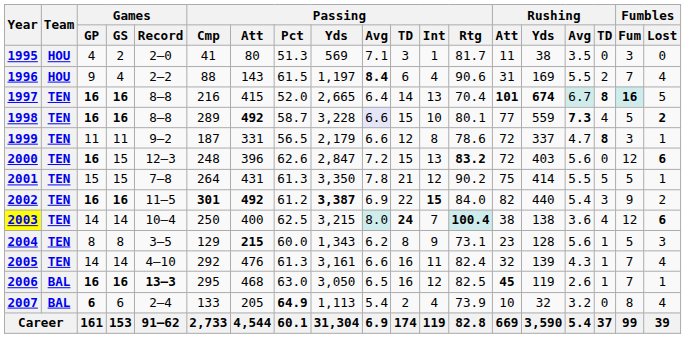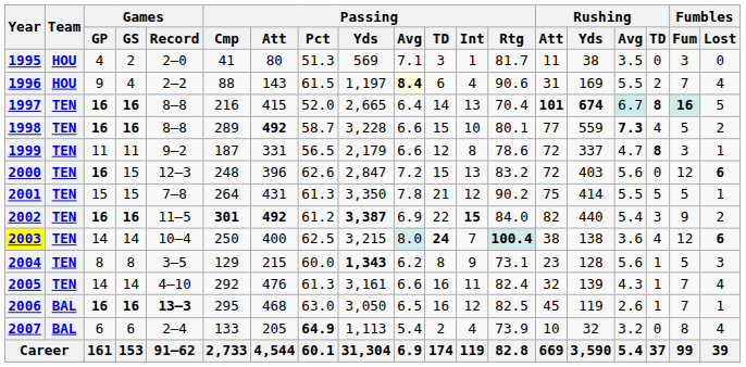 <table class="wikitable" style="text-align:center;">
 <tr>
 <th rowspan="2">Year</th>
 <th rowspan="2">Team</th>
 <th colspan="3">Games</th>
 <th colspan="8">Passing</th>
 <th colspan="4">Rushing</th>
 <th colspan="2">Fumbles</th>
 </tr>
 <tr>
 <th>GP</th>
 <th>GS</th>
 <th>Record</th>
 <th>Cmp</th>
 <th>Att</th>
 <th>Pct</th>
 <th>Yds</th>
 <th>Avg</th>
 <th>TD</th>
 <th>Int</th>
 <th>Rtg</th>
 <th>Att</th>
 <th>Yds</th>
 <th>Avg</th>
 <th>TD</th>
 <th>Fum</th>
 <th>Lost</th>
 </tr>
 <tr>
 <th><a href='#'>1995</a></th>
 <th><a href='#'>HOU</a></th>
 <td>4</td>
 <td>2</td>
 <td>2–0</td>
 <td>41</td>
 <td>80</td>
 <td>51.3</td>
 <td>569</td>
 <td>7.1</td>
 <td>3</td>
 <td>1</td>
 <td>81.7</td>
 <td>11</td>
 <td>38</td>
 <td>3.5</td>
 <td>0</td>
 <td>3</td>
 <td>0</td>
 </tr>
 <tr>
 <th><a href='#'>1996</a></th>
 <th><a href='#'>HOU</a></th>
 <td>9</td>
 <td>4</td>
 <td>2–2</td>
 <td>88</td>
 <td>143</td>
 <td>61.5</td>
 <td>1,197</td>
-<td><strong>8.4</strong></td>
+<td style="background: lightyellow;"><strong>8.4</strong></td>
 <td>6</td>
 <td>4</td>
 <td>90.6</td>
 <td>31</td>
 <td>169</td>
 <td>5.5</td>
 <td>2</td>
 <td>7</td>
 <td>4</td>
 </tr>
 <tr>
 <th><a href='#'>1997</a></th>
 <th><a href='#'>TEN</a></th>
 <td><strong>16</strong></td>
 <td><strong>16</strong></td>
 <td>8–8</td>
 <td>216</td>
 <td>415</td>
 <td>52.0</td>
 <td>2,665</td>
 <td>6.4</td>
 <td>14</td>
 <td>13</td>
 <td>70.4</td>
 <td><strong>101</strong></td>
 <td><strong>674</strong></td>
 <td style="background:#cfecec;">6.7</td>
 <td><strong>8</strong></td>
 <td style="background:#cfecec;"><strong>16</strong></td>
 <td>5</td>
 </tr>
 <tr>
 <th><a href='#'>1998</a></th>
 <th><a href='#'>TEN</a></th>
 <td><strong>16</strong></td>
 <td><strong>16</strong></td>
 <td>8–8</td>
 <td>289</td>
 <td><strong>492</strong></td>
 <td>58.7</td>
 <td>3,228</td>
-<td style="background: lavender;">6.6</td>
+<td>6.6</td>
 <td>15</td>
 <td>10</td>
 <td>80.1</td>
 <td>77</td>
 <td>559</td>
 <td><strong>7.3</strong></td>
 <td>4</td>
 <td>5</td>
-<td><strong>2</strong></td>
+<td>2</td>
 </tr>
 <tr>
 <th><a href='#'>1999</a></th>
 <th><a href='#'>TEN</a></th>
 <td>11</td>
 <td>11</td>
 <td>9–2</td>
 <td>187</td>
 <td>331</td>
 <td>56.5</td>
 <td>2,179</td>
 <td>6.6</td>
 <td>12</td>
 <td>8</td>
 <td>78.6</td>
 <td>72</td>
 <td>337</td>
 <td>4.7</td>
 <td><strong>8</strong></td>
 <td>3</td>
 <td>1</td>
 </tr>
 <tr>
 <th><a href='#'>2000</a></th>
 <th><a href='#'>TEN</a></th>
 <td><strong>16</strong></td>
 <td>15</td>
 <td>12–3</td>
 <td>248</td>
 <td>396</td>
 <td>62.6</td>
 <td>2,847</td>
 <td>7.2</td>
 <td>15</td>
 <td>13</td>
-<td><strong>83.2</strong></td>
+<td>83.2</td>
 <td>72</td>
 <td>403</td>
 <td>5.6</td>
 <td>0</td>
 <td>12</td>
 <td><strong>6</strong></td>
 </tr>
 <tr>
 <th><a href='#'>2001</a></th>
 <th><a href='#'>TEN</a></th>
 <td>15</td>
 <td>15</td>
 <td>7–8</td>
 <td>264</td>
 <td>431</td>
 <td>61.3</td>
 <td>3,350</td>
 <td>7.8</td>
 <td>21</td>
 <td>12</td>
 <td>90.2</td>
 <td>75</td>
 <td>414</td>
 <td>5.5</td>
 <td>5</td>
 <td>5</td>
 <td>1</td>
 </tr>
 <tr>
 <th><a href='#'>2002</a></th>
 <th><a href='#'>TEN</a></th>
 <td><strong>16</strong></td>
 <td><strong>16</strong></td>
 <td>11–5</td>
 <td><strong>301</strong></td>
 <td><strong>492</strong></td>
 <td>61.2</td>
 <td><strong>3,387</strong></td>
 <td>6.9</td>
 <td>22</td>
 <td><strong>15</strong></td>
 <td>84.0</td>
 <td>82</td>
 <td>440</td>
 <td>5.4</td>
 <td>3</td>
 <td>9</td>
 <td>2</td>
 </tr>
 <tr>
 <th style="background:#ffff00;"><a href='#'>2003</a></th>
 <th><a href='#'>TEN</a></th>
 <td>14</td>
 <td>14</td>
 <td>10–4</td>
 <td>250</td>
 <td>400</td>
 <td>62.5</td>
 <td>3,215</td>
 <td style="background:#cfecec;">8.0</td>
 <td><strong>24</strong></td>
 <td>7</td>
 <td style="background:#cfecec;"><strong>100.4</strong></td>
 <td>38</td>
 <td>138</td>
 <td>3.6</td>
 <td>4</td>
 <td>12</td>
 <td><strong>6</strong></td>
 </tr>
 <tr>
 <th><a href='#'>2004</a></th>
 <th><a href='#'>TEN</a></th>
 <td>8</td>
 <td>8</td>
 <td>3–5</td>
 <td>129</td>
-<td><strong>215</strong></td>
+<td>215</td>
 <td>60.0</td>
-<td>1,343</td>
+<td><strong>1,343</strong></td>
 <td>6.2</td>
 <td>8</td>
 <td>9</td>
 <td>73.1</td>
 <td>23</td>
 <td>128</td>
 <td>5.6</td>
 <td>1</td>
 <td>5</td>
 <td>3</td>
 </tr>
 <tr>
 <th><a href='#'>2005</a></th>
 <th><a href='#'>TEN</a></th>
 <td>14</td>
 <td>14</td>
 <td>4–10</td>
 <td>292</td>
 <td>476</td>
 <td>61.3</td>
 <td>3,161</td>
 <td>6.6</td>
 <td>16</td>
 <td>11</td>
 <td>82.4</td>
 <td>32</td>
 <td>139</td>
 <td>4.3</td>
 <td>1</td>
 <td>7</td>
 <td>4</td>
 </tr>
 <tr>
 <th><a href='#'>2006</a></th>
 <th><a href='#'>BAL</a></th>
 <td><strong>16</strong></td>
 <td><strong>16</strong></td>
 <td><strong>13–3</strong></td>
 <td>295</td>
 <td>468</td>
 <td>63.0</td>
 <td>3,050</td>
 <td>6.5</td>
 <td>16</td>
 <td>12</td>
 <td>82.5</td>
-<td><strong>45</strong></td>
+<td>45</td>
 <td>119</td>
 <td>2.6</td>
 <td>1</td>
 <td>7</td>
 <td>1</td>
 </tr>
 <tr>
 <th><a href='#'>2007</a></th>
 <th><a href='#'>BAL</a></th>
-<td><strong>6</strong></td>
+<td>6</td>
 <td>6</td>
 <td>2–4</td>
 <td>133</td>
 <td>205</td>
 <td><strong>64.9</strong></td>
 <td>1,113</td>
 <td>5.4</td>
 <td>2</td>
 <td>4</td>
 <td>73.9</td>
 <td>10</td>
 <td>32</td>
 <td>3.2</td>
 <td>0</td>
 <td>8</td>
 <td>4</td>
 </tr>
 <tr>
 <th colspan="2">Career</th>
 <th>161</th>
 <th>153</th>
 <th>91–62</th>
 <th>2,733</th>
 <th>4,544</th>
 <th>60.1</th>
 <th>31,304</th>
 <th>6.9</th>
 <th>174</th>
 <th>119</th>
 <th>82.8</th>
 <th>669</th>
 <th>3,590</th>
 <th>5.4</th>
 <th>37</th>
 <th>99</th>
 <th>39</th>
 </tr>
 </table>
